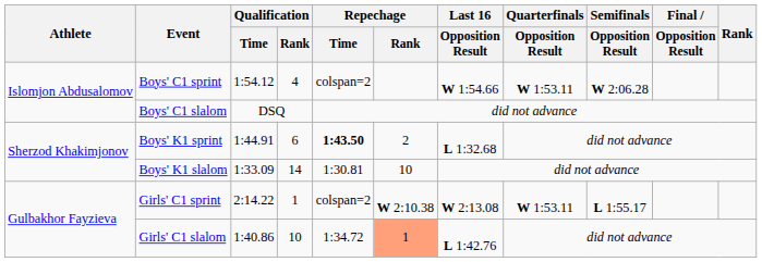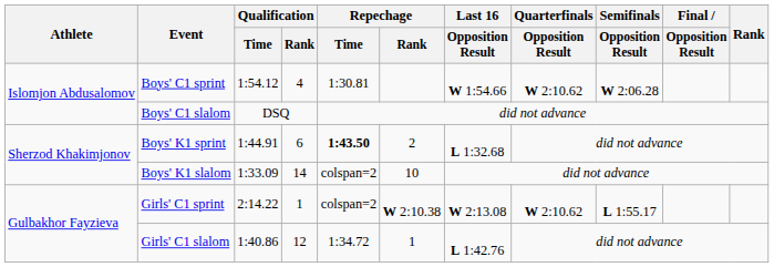 <table class="wikitable" style="font-size:90%">
 <tr>
 <th rowspan=2>Athlete</th>
 <th rowspan=2>Event</th>
 <th colspan=2>Qualification</th>
 <th colspan=2>Repechage</th>
 <th>Last 16</th>
 <th>Quarterfinals</th>
 <th>Semifinals</th>
 <th>Final / </th>
 <th rowspan=2>Rank</th>
 </tr>
 <tr style="font-size:95%">
 <th>Time</th>
 <th>Rank</th>
 <th>Time</th>
 <th>Rank</th>
 <th>Opposition <br>Result</th>
 <th>Opposition <br>Result</th>
 <th>Opposition <br>Result</th>
 <th>Opposition <br>Result</th>
 </tr>
 <tr align=center>
 <td align=left rowspan=2><a href='#'>Islomjon Abdusalomov</a></td>
 <td align=left><a href='#'>Boys' C1 sprint</a></td>
 <td>1:54.12</td>
 <td>4</td>
-<td>colspan=2 </td>
+<td>1:30.81</td>
 <td></td>
 <td><br> <strong>W</strong> 1:54.66</td>
-<td><br> <strong>W</strong> 1:53.11</td>
+<td><br> <strong>W</strong> 2:10.62</td>
 <td><br> <strong>W</strong> 2:06.28</td>
 <td></td>
 </tr>
 <tr align=center>
 <td align=left><a href='#'>Boys' C1 slalom</a></td>
 <td colspan=2>DSQ</td>
 <td colspan=7><em>did not advance</em></td>
 </tr>
 <tr align=center>
 <td align=left rowspan=2><a href='#'>Sherzod Khakimjonov</a></td>
 <td align=left><a href='#'>Boys' K1 sprint</a></td>
 <td>1:44.91</td>
 <td>6</td>
 <td><strong>1:43.50</strong></td>
 <td>2</td>
 <td><br> <strong>L</strong> 1:32.68</td>
 <td colspan=4><em>did not advance</em></td>
 </tr>
 <tr align=center>
 <td align=left><a href='#'>Boys' K1 slalom</a></td>
 <td>1:33.09</td>
 <td>14</td>
-<td>1:30.81</td>
+<td>colspan=2 </td>
 <td>10</td>
 <td colspan=5><em>did not advance</em></td>
 </tr>
 <tr align=center>
 <td align=left rowspan=2><a href='#'>Gulbakhor Fayzieva</a></td>
 <td align=left><a href='#'>Girls' C1 sprint</a></td>
 <td>2:14.22</td>
 <td>1</td>
 <td>colspan=2 </td>
 <td><br> <strong>W</strong> 2:10.38</td>
 <td><br> <strong>W</strong> 2:13.08</td>
-<td><br> <strong>W</strong> 1:53.11</td>
+<td><br> <strong>W</strong> 2:10.62</td>
 <td><br> <strong>L</strong> 1:55.17</td>
 <td></td>
 </tr>
 <tr align=center>
 <td align=left><a href='#'>Girls' C1 slalom</a></td>
 <td>1:40.86</td>
-<td>10</td>
+<td>12</td>
 <td>1:34.72</td>
-<td style="background: lightsalmon;">1</td>
+<td>1</td>
 <td><br> <strong>L</strong> 1:42.76</td>
 <td Colspan=4><em>did not advance</em></td>
 </tr>
 </table>
